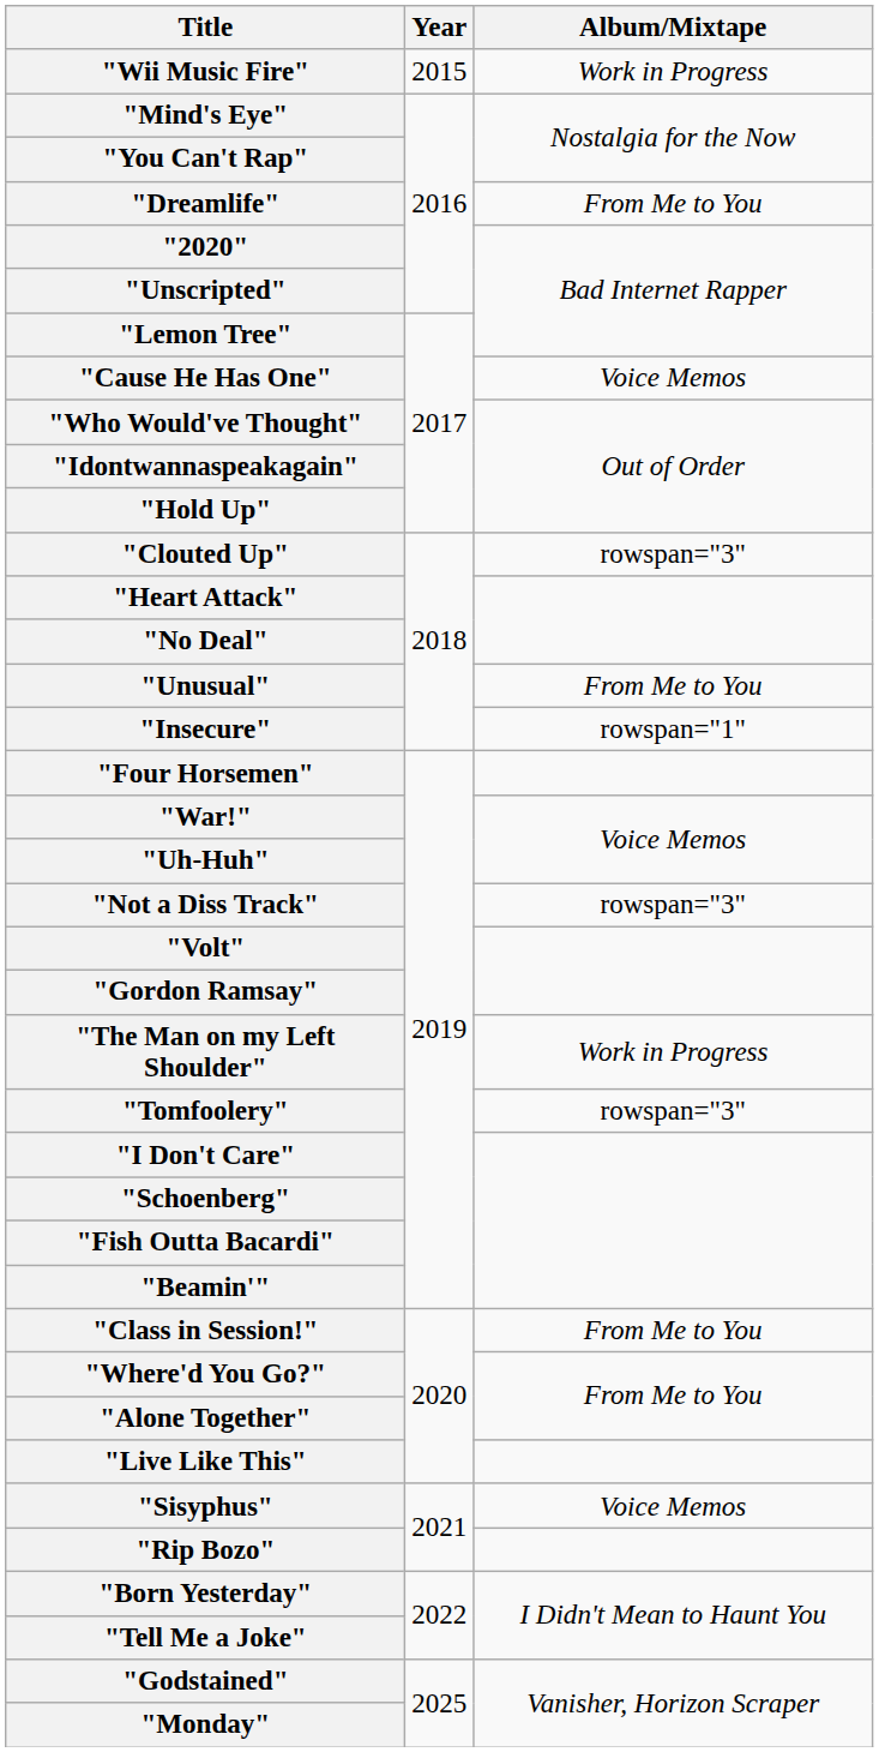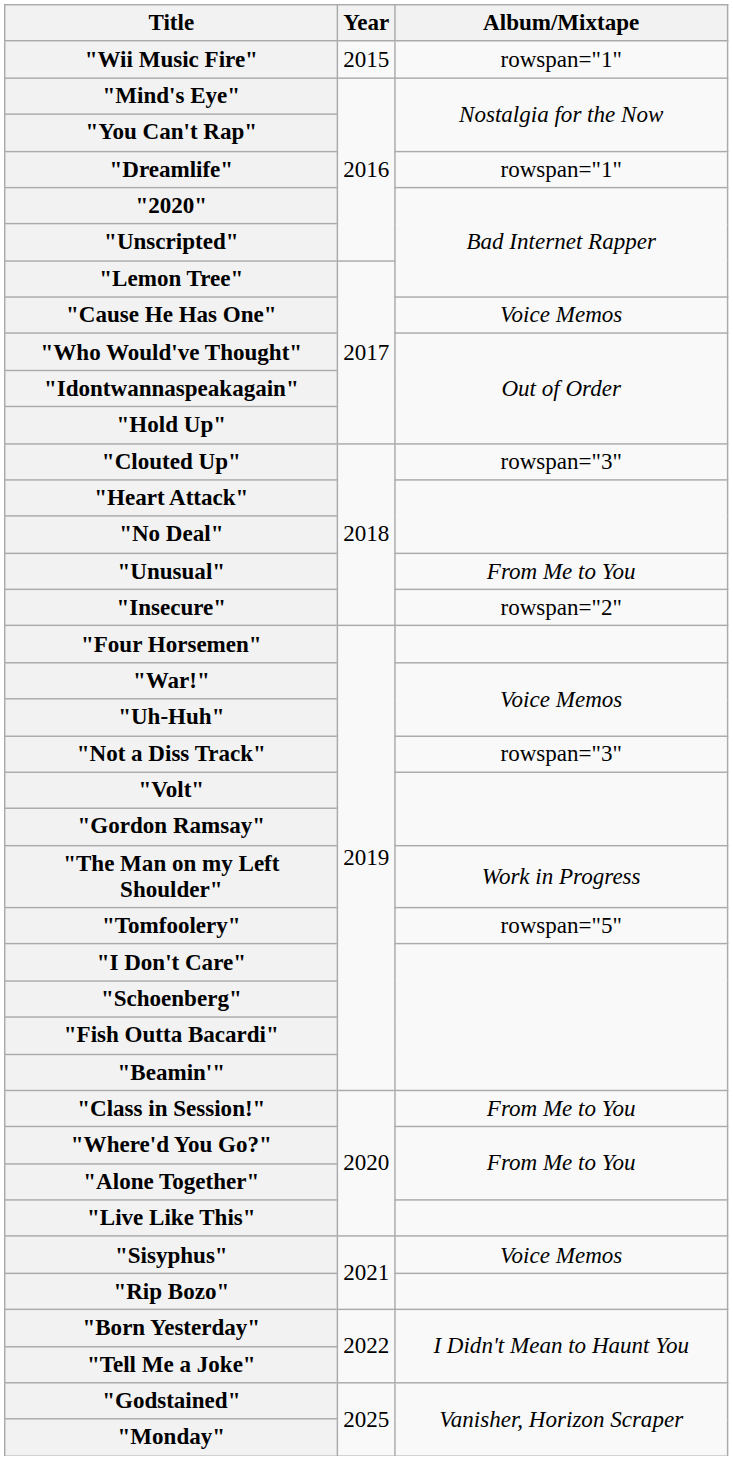 <table class="wikitable plainrowheaders" style="text-align:center;">
 <tr>
 <th rowspan="1.5" scope="col" style="width:14em;">Title</th>
 <th rowspan="1.5" scope="col">Year</th>
 <th rowspan="1.5" scope="col" style="width:14em;">Album/Mixtape</th>
 </tr>
 <tr>
 <th scope="row">"Wii Music Fire"</th>
 <td rowspan="1">2015</td>
-<td rowspan="1"><em>Work in Progress</em></td>
+<td>rowspan="1" </td>
 </tr>
 <tr>
 <th scope="row">"Mind's Eye"</th>
 <td rowspan="5">2016</td>
 <td rowspan="2"><em>Nostalgia for the Now</em></td>
 </tr>
 <tr>
 <th scope="row">"You Can't Rap"</th>
 </tr>
 <tr>
 <th scope="row">"Dreamlife"<br></th>
-<td><em>From Me to You</em></td>
+<td>rowspan="1" </td>
 </tr>
 <tr>
 <th scope="row">"2020"</th>
 <td rowspan="3"><em>Bad Internet Rapper</em></td>
 </tr>
 <tr>
 <th scope="row">"Unscripted"</th>
 </tr>
 <tr>
 <th scope="row">"Lemon Tree"</th>
 <td rowspan="5">2017</td>
 </tr>
 <tr>
 <th scope="row">"Cause He Has One"</th>
 <td rowspan="1"><em>Voice Memos</em></td>
 </tr>
 <tr>
 <th scope="row">"Who Would've Thought"</th>
 <td rowspan="3"><em>Out of Order</em></td>
 </tr>
 <tr>
 <th scope="row">"Idontwannaspeakagain"</th>
 </tr>
 <tr>
 <th scope="row">"Hold Up"<br></th>
 </tr>
 <tr>
 <th scope="row">"Clouted Up"</th>
 <td rowspan="5">2018</td>
 <td>rowspan="3" </td>
 </tr>
 <tr>
 <th scope="row">"Heart Attack"</th>
 </tr>
 <tr>
 <th scope="row">"No Deal"<br></th>
 </tr>
 <tr>
 <th scope="row">"Unusual"<br></th>
 <td><em>From Me to You</em></td>
 </tr>
 <tr>
 <th scope="row">"Insecure"</th>
-<td>rowspan="1" </td>
+<td>rowspan="2" </td>
 </tr>
 <tr>
 <th scope="row">"Four Horsemen"<br></th>
 <td rowspan="12">2019</td>
 </tr>
 <tr>
 <th scope="row">"War!"<br></th>
 <td rowspan="2"><em>Voice Memos</em></td>
 </tr>
 <tr>
 <th scope="row">"Uh-Huh"</th>
 </tr>
 <tr>
 <th scope="row">"Not a Diss Track"</th>
 <td>rowspan="3" </td>
 </tr>
 <tr>
 <th scope="row">"Volt"<br></th>
 </tr>
 <tr>
 <th scope="row">"Gordon Ramsay"<br></th>
 </tr>
 <tr>
 <th scope="row">"The Man on my Left Shoulder"</th>
 <td rowspan="1"><em>Work in Progress</em></td>
 </tr>
 <tr>
 <th scope="row">"Tomfoolery"<br></th>
-<td>rowspan="3" </td>
+<td>rowspan="5" </td>
 </tr>
 <tr>
 <th scope="row">"I Don't Care"</th>
 </tr>
 <tr>
 <th scope="row">"Schoenberg"<br></th>
 </tr>
 <tr>
 <th scope="row">"Fish Outta Bacardi"<br></th>
 </tr>
 <tr>
 <th scope="row">"Beamin'"</th>
 </tr>
 <tr>
 <th scope="row">"Class in Session!"<br></th>
 <td rowspan="4">2020</td>
 <td><em>From Me to You</em></td>
 </tr>
 <tr>
 <th scope="row">"Where'd You Go?"</th>
 <td rowspan="2"><em>From Me to You</em></td>
 </tr>
 <tr>
 <th scope="row">"Alone Together"</th>
 </tr>
 <tr>
 <th scope="row">"Live Like This"</th>
 <td></td>
 </tr>
 <tr>
 <th scope=row>"Sisyphus"</th>
 <td rowspan="2">2021</td>
 <td rowspan="1"><em>Voice Memos</em></td>
 </tr>
 <tr>
 <th scope="row">"Rip Bozo"<br></th>
 <td></td>
 </tr>
 <tr>
 <th scope=row>"Born Yesterday"</th>
 <td rowspan="2">2022</td>
 <td rowspan="2"><em>I Didn't Mean to Haunt You</em></td>
 </tr>
 <tr>
 <th scope=row>"Tell Me a Joke"</th>
 </tr>
 <tr>
 <th scope=row>"Godstained"</th>
 <td rowspan="2">2025</td>
 <td rowspan="2"><em>Vanisher, Horizon Scraper</em></td>
 </tr>
 <tr>
 <th scope=row>"Monday"</th>
 </tr>
 </table>
